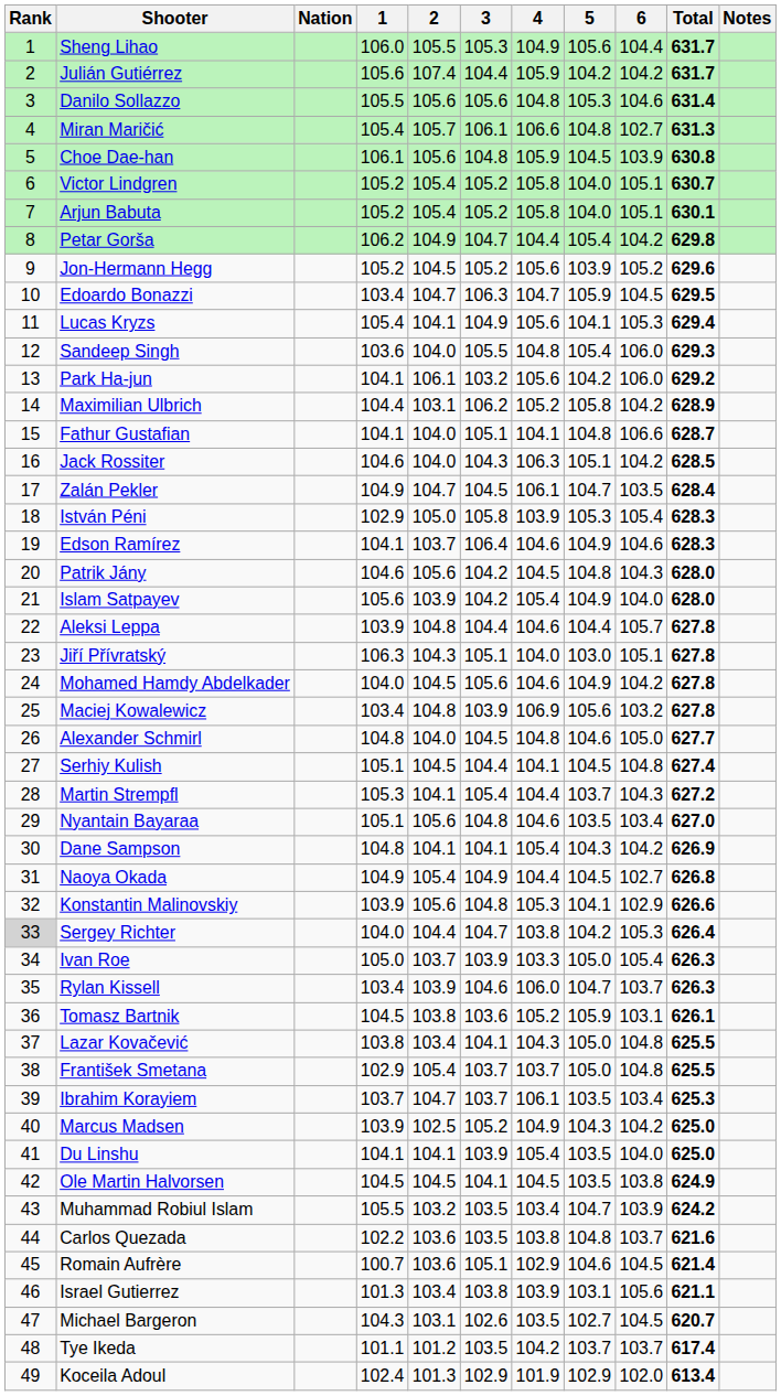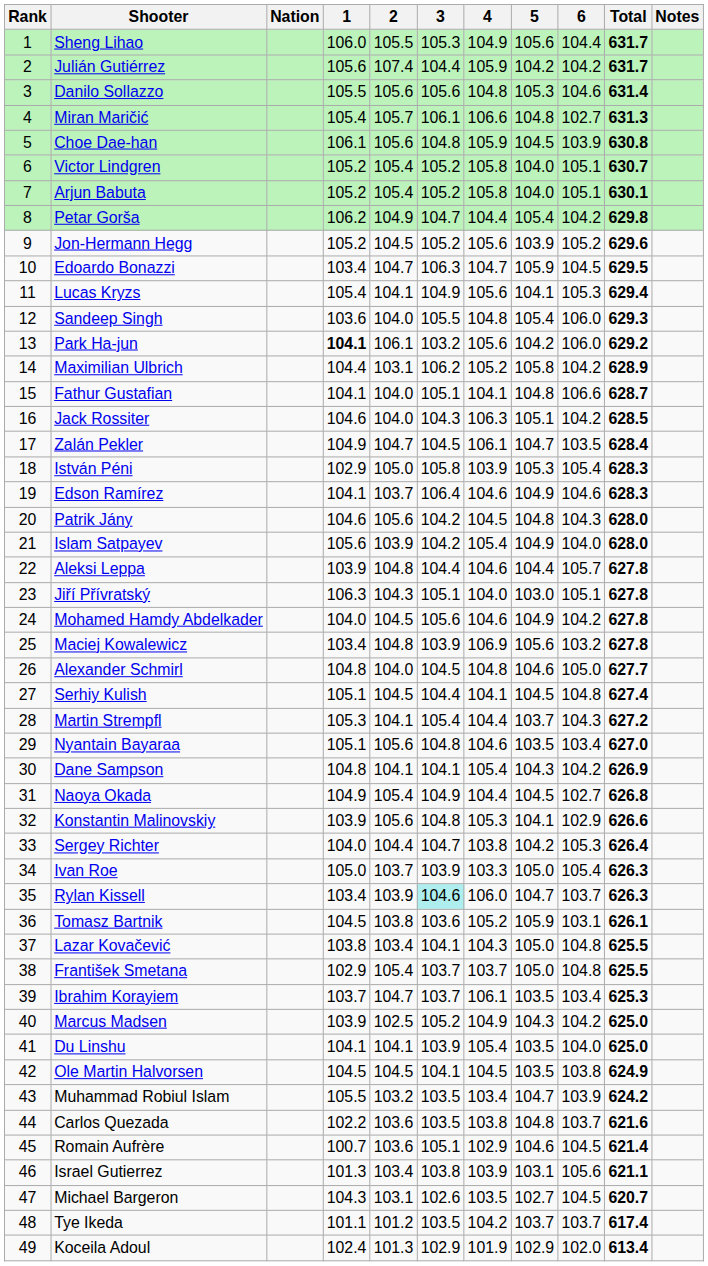 <table class="wikitable sortable" style="text-align:center">
 <tr>
 <th>Rank</th>
 <th>Shooter</th>
 <th>Nation</th>
 <th class="sortable">1</th>
 <th class="sortable">2</th>
 <th class="sortable">3</th>
 <th class="sortable">4</th>
 <th class="sortable">5</th>
 <th class="sortable">6</th>
 <th>Total</th>
 <th class="unsortable">Notes</th>
 </tr>
 <tr bgcolor=#bbf3bb>
 <td>1</td>
 <td align=left><a href='#'>Sheng Lihao</a></td>
 <td align=left></td>
 <td>106.0</td>
 <td>105.5</td>
 <td>105.3</td>
 <td>104.9</td>
 <td>105.6</td>
 <td>104.4</td>
 <td><strong>631.7</strong></td>
 <td></td>
 </tr>
 <tr bgcolor=#bbf3bb>
 <td>2</td>
 <td align=left><a href='#'>Julián Gutiérrez</a></td>
 <td align=left></td>
 <td>105.6</td>
 <td>107.4</td>
 <td>104.4</td>
 <td>105.9</td>
 <td>104.2</td>
 <td>104.2</td>
 <td><strong>631.7</strong></td>
 <td></td>
 </tr>
 <tr bgcolor=#bbf3bb>
 <td>3</td>
 <td align=left><a href='#'>Danilo Sollazzo</a></td>
 <td align=left></td>
 <td>105.5</td>
 <td>105.6</td>
 <td>105.6</td>
 <td>104.8</td>
 <td>105.3</td>
 <td>104.6</td>
 <td><strong>631.4</strong></td>
 <td></td>
 </tr>
 <tr bgcolor=#bbf3bb>
 <td>4</td>
 <td align=left><a href='#'>Miran Maričić</a></td>
 <td align=left></td>
 <td>105.4</td>
 <td>105.7</td>
 <td>106.1</td>
 <td>106.6</td>
 <td>104.8</td>
 <td>102.7</td>
 <td><strong>631.3</strong></td>
 <td></td>
 </tr>
 <tr bgcolor=#bbf3bb>
 <td>5</td>
 <td align=left><a href='#'>Choe Dae-han</a></td>
 <td align=left></td>
 <td>106.1</td>
 <td>105.6</td>
 <td>104.8</td>
 <td>105.9</td>
 <td>104.5</td>
 <td>103.9</td>
 <td><strong>630.8</strong></td>
 <td></td>
 </tr>
 <tr bgcolor=#bbf3bb>
 <td>6</td>
 <td align=left><a href='#'>Victor Lindgren</a></td>
 <td align=left></td>
 <td>105.2</td>
 <td>105.4</td>
 <td>105.2</td>
 <td>105.8</td>
 <td>104.0</td>
 <td>105.1</td>
 <td><strong>630.7</strong></td>
 <td></td>
 </tr>
 <tr bgcolor=#bbf3bb>
 <td>7</td>
 <td align=left><a href='#'>Arjun Babuta</a></td>
 <td align=left></td>
 <td>105.2</td>
 <td>105.4</td>
 <td>105.2</td>
 <td>105.8</td>
 <td>104.0</td>
 <td>105.1</td>
 <td><strong>630.1</strong></td>
 <td></td>
 </tr>
 <tr bgcolor=#bbf3bb>
 <td>8</td>
 <td align=left><a href='#'>Petar Gorša</a></td>
 <td align=left></td>
 <td>106.2</td>
 <td>104.9</td>
 <td>104.7</td>
 <td>104.4</td>
 <td>105.4</td>
 <td>104.2</td>
 <td><strong>629.8</strong></td>
 <td></td>
 </tr>
 <tr>
 <td>9</td>
 <td align=left><a href='#'>Jon-Hermann Hegg</a></td>
 <td align=left></td>
 <td>105.2</td>
 <td>104.5</td>
 <td>105.2</td>
 <td>105.6</td>
 <td>103.9</td>
 <td>105.2</td>
 <td><strong>629.6</strong></td>
 <td></td>
 </tr>
 <tr>
 <td>10</td>
 <td align=left><a href='#'>Edoardo Bonazzi</a></td>
 <td align=left></td>
 <td>103.4</td>
 <td>104.7</td>
 <td>106.3</td>
 <td>104.7</td>
 <td>105.9</td>
 <td>104.5</td>
 <td><strong>629.5</strong></td>
 <td></td>
 </tr>
 <tr>
 <td>11</td>
 <td align=left><a href='#'>Lucas Kryzs</a></td>
 <td align=left></td>
 <td>105.4</td>
 <td>104.1</td>
 <td>104.9</td>
 <td>105.6</td>
 <td>104.1</td>
 <td>105.3</td>
 <td><strong>629.4</strong></td>
 <td></td>
 </tr>
 <tr>
 <td>12</td>
 <td align=left><a href='#'>Sandeep Singh</a></td>
 <td align=left></td>
 <td>103.6</td>
 <td>104.0</td>
 <td>105.5</td>
 <td>104.8</td>
 <td>105.4</td>
 <td>106.0</td>
 <td><strong>629.3</strong></td>
 <td></td>
 </tr>
 <tr>
 <td>13</td>
 <td align=left><a href='#'>Park Ha-jun</a></td>
 <td align=left></td>
-<td>104.1</td>
+<td><strong>104.1</strong></td>
 <td>106.1</td>
 <td>103.2</td>
 <td>105.6</td>
 <td>104.2</td>
 <td>106.0</td>
 <td><strong>629.2</strong></td>
 <td></td>
 </tr>
 <tr>
 <td>14</td>
 <td align=left><a href='#'>Maximilian Ulbrich</a></td>
 <td align=left></td>
 <td>104.4</td>
 <td>103.1</td>
 <td>106.2</td>
 <td>105.2</td>
 <td>105.8</td>
 <td>104.2</td>
 <td><strong>628.9</strong></td>
 <td></td>
 </tr>
 <tr>
 <td>15</td>
 <td align=left><a href='#'>Fathur Gustafian</a></td>
 <td align=left></td>
 <td>104.1</td>
 <td>104.0</td>
 <td>105.1</td>
 <td>104.1</td>
 <td>104.8</td>
 <td>106.6</td>
 <td><strong>628.7</strong></td>
 <td></td>
 </tr>
 <tr>
 <td>16</td>
 <td align=left><a href='#'>Jack Rossiter</a></td>
 <td align=left></td>
 <td>104.6</td>
 <td>104.0</td>
 <td>104.3</td>
 <td>106.3</td>
 <td>105.1</td>
 <td>104.2</td>
 <td><strong>628.5</strong></td>
 <td></td>
 </tr>
 <tr>
 <td>17</td>
 <td align=left><a href='#'>Zalán Pekler</a></td>
 <td align=left></td>
 <td>104.9</td>
 <td>104.7</td>
 <td>104.5</td>
 <td>106.1</td>
 <td>104.7</td>
 <td>103.5</td>
 <td><strong>628.4</strong></td>
 <td></td>
 </tr>
 <tr>
 <td>18</td>
 <td align=left><a href='#'>István Péni</a></td>
 <td align=left></td>
 <td>102.9</td>
 <td>105.0</td>
 <td>105.8</td>
 <td>103.9</td>
 <td>105.3</td>
 <td>105.4</td>
 <td><strong>628.3</strong></td>
 <td></td>
 </tr>
 <tr>
 <td>19</td>
 <td align=left><a href='#'>Edson Ramírez</a></td>
 <td align=left></td>
 <td>104.1</td>
 <td>103.7</td>
 <td>106.4</td>
 <td>104.6</td>
 <td>104.9</td>
 <td>104.6</td>
 <td><strong>628.3</strong></td>
 <td></td>
 </tr>
 <tr>
 <td>20</td>
 <td align=left><a href='#'>Patrik Jány</a></td>
 <td align=left></td>
 <td>104.6</td>
 <td>105.6</td>
 <td>104.2</td>
 <td>104.5</td>
 <td>104.8</td>
 <td>104.3</td>
 <td><strong>628.0</strong></td>
 <td></td>
 </tr>
 <tr>
 <td>21</td>
 <td align=left><a href='#'>Islam Satpayev</a></td>
 <td align=left></td>
 <td>105.6</td>
 <td>103.9</td>
 <td>104.2</td>
 <td>105.4</td>
 <td>104.9</td>
 <td>104.0</td>
 <td><strong>628.0</strong></td>
 <td></td>
 </tr>
 <tr>
 <td>22</td>
 <td align=left><a href='#'>Aleksi Leppa</a></td>
 <td align=left></td>
 <td>103.9</td>
 <td>104.8</td>
 <td>104.4</td>
 <td>104.6</td>
 <td>104.4</td>
 <td>105.7</td>
 <td><strong>627.8</strong></td>
 <td></td>
 </tr>
 <tr>
 <td>23</td>
 <td align=left><a href='#'>Jiří Přívratský</a></td>
 <td align=left></td>
 <td>106.3</td>
 <td>104.3</td>
 <td>105.1</td>
 <td>104.0</td>
 <td>103.0</td>
 <td>105.1</td>
 <td><strong>627.8</strong></td>
 <td></td>
 </tr>
 <tr>
 <td>24</td>
 <td align=left><a href='#'>Mohamed Hamdy Abdelkader</a></td>
 <td align=left></td>
 <td>104.0</td>
 <td>104.5</td>
 <td>105.6</td>
 <td>104.6</td>
 <td>104.9</td>
 <td>104.2</td>
 <td><strong>627.8</strong></td>
 <td></td>
 </tr>
 <tr>
 <td>25</td>
 <td align=left><a href='#'>Maciej Kowalewicz</a></td>
 <td align=left></td>
 <td>103.4</td>
 <td>104.8</td>
 <td>103.9</td>
 <td>106.9</td>
 <td>105.6</td>
 <td>103.2</td>
 <td><strong>627.8</strong></td>
 <td></td>
 </tr>
 <tr>
 <td>26</td>
 <td align=left><a href='#'>Alexander Schmirl</a></td>
 <td align=left></td>
 <td>104.8</td>
 <td>104.0</td>
 <td>104.5</td>
 <td>104.8</td>
 <td>104.6</td>
 <td>105.0</td>
 <td><strong>627.7</strong></td>
 <td></td>
 </tr>
 <tr>
 <td>27</td>
 <td align=left><a href='#'>Serhiy Kulish</a></td>
 <td align=left></td>
 <td>105.1</td>
 <td>104.5</td>
 <td>104.4</td>
 <td>104.1</td>
 <td>104.5</td>
 <td>104.8</td>
 <td><strong>627.4</strong></td>
 <td></td>
 </tr>
 <tr>
 <td>28</td>
 <td align=left><a href='#'>Martin Strempfl</a></td>
 <td align=left></td>
 <td>105.3</td>
 <td>104.1</td>
 <td>105.4</td>
 <td>104.4</td>
 <td>103.7</td>
 <td>104.3</td>
 <td><strong>627.2</strong></td>
 <td></td>
 </tr>
 <tr>
 <td>29</td>
 <td align=left><a href='#'>Nyantain Bayaraa</a></td>
 <td align=left></td>
 <td>105.1</td>
 <td>105.6</td>
 <td>104.8</td>
 <td>104.6</td>
 <td>103.5</td>
 <td>103.4</td>
 <td><strong>627.0</strong></td>
 <td></td>
 </tr>
 <tr>
 <td>30</td>
 <td align=left><a href='#'>Dane Sampson</a></td>
 <td align=left></td>
 <td>104.8</td>
 <td>104.1</td>
 <td>104.1</td>
 <td>105.4</td>
 <td>104.3</td>
 <td>104.2</td>
 <td><strong>626.9</strong></td>
 <td></td>
 </tr>
 <tr>
 <td>31</td>
 <td align=left><a href='#'>Naoya Okada</a></td>
 <td align=left></td>
 <td>104.9</td>
 <td>105.4</td>
 <td>104.9</td>
 <td>104.4</td>
 <td>104.5</td>
 <td>102.7</td>
 <td><strong>626.8</strong></td>
 <td></td>
 </tr>
 <tr>
 <td>32</td>
 <td align=left><a href='#'>Konstantin Malinovskiy</a></td>
 <td align=left></td>
 <td>103.9</td>
 <td>105.6</td>
 <td>104.8</td>
 <td>105.3</td>
 <td>104.1</td>
 <td>102.9</td>
 <td><strong>626.6</strong></td>
 <td></td>
 </tr>
 <tr>
-<td style="background: lightgrey;">33</td>
+<td>33</td>
 <td align=left><a href='#'>Sergey Richter</a></td>
 <td align=left></td>
 <td>104.0</td>
 <td>104.4</td>
 <td>104.7</td>
 <td>103.8</td>
 <td>104.2</td>
 <td>105.3</td>
 <td><strong>626.4</strong></td>
 <td></td>
 </tr>
 <tr>
 <td>34</td>
 <td align=left><a href='#'>Ivan Roe</a></td>
 <td align=left></td>
 <td>105.0</td>
 <td>103.7</td>
 <td>103.9</td>
 <td>103.3</td>
 <td>105.0</td>
 <td>105.4</td>
 <td><strong>626.3</strong></td>
 <td></td>
 </tr>
 <tr>
 <td>35</td>
 <td align=left><a href='#'>Rylan Kissell</a></td>
 <td align=left></td>
 <td>103.4</td>
 <td>103.9</td>
-<td>104.6</td>
+<td style="background: paleturquoise;">104.6</td>
 <td>106.0</td>
 <td>104.7</td>
 <td>103.7</td>
 <td><strong>626.3</strong></td>
 <td></td>
 </tr>
 <tr>
 <td>36</td>
 <td align=left><a href='#'>Tomasz Bartnik</a></td>
 <td align=left></td>
 <td>104.5</td>
 <td>103.8</td>
 <td>103.6</td>
 <td>105.2</td>
 <td>105.9</td>
 <td>103.1</td>
 <td><strong>626.1</strong></td>
 <td></td>
 </tr>
 <tr>
 <td>37</td>
 <td align=left><a href='#'>Lazar Kovačević</a></td>
 <td align=left></td>
 <td>103.8</td>
 <td>103.4</td>
 <td>104.1</td>
 <td>104.3</td>
 <td>105.0</td>
 <td>104.8</td>
 <td><strong>625.5</strong></td>
 <td></td>
 </tr>
 <tr>
 <td>38</td>
 <td align=left><a href='#'>František Smetana</a></td>
 <td align=left></td>
 <td>102.9</td>
 <td>105.4</td>
 <td>103.7</td>
 <td>103.7</td>
 <td>105.0</td>
 <td>104.8</td>
 <td><strong>625.5</strong></td>
 <td></td>
 </tr>
 <tr>
 <td>39</td>
 <td align=left><a href='#'>Ibrahim Korayiem</a></td>
 <td align=left></td>
 <td>103.7</td>
 <td>104.7</td>
 <td>103.7</td>
 <td>106.1</td>
 <td>103.5</td>
 <td>103.4</td>
 <td><strong>625.3</strong></td>
 <td></td>
 </tr>
 <tr>
 <td>40</td>
 <td align=left><a href='#'>Marcus Madsen</a></td>
 <td align=left></td>
 <td>103.9</td>
 <td>102.5</td>
 <td>105.2</td>
 <td>104.9</td>
 <td>104.3</td>
 <td>104.2</td>
 <td><strong>625.0</strong></td>
 <td></td>
 </tr>
 <tr>
 <td>41</td>
 <td align=left><a href='#'>Du Linshu</a></td>
 <td align=left></td>
 <td>104.1</td>
 <td>104.1</td>
 <td>103.9</td>
 <td>105.4</td>
 <td>103.5</td>
 <td>104.0</td>
 <td><strong>625.0</strong></td>
 <td></td>
 </tr>
 <tr>
 <td>42</td>
 <td align=left><a href='#'>Ole Martin Halvorsen</a></td>
 <td align=left></td>
 <td>104.5</td>
 <td>104.5</td>
 <td>104.1</td>
 <td>104.5</td>
 <td>103.5</td>
 <td>103.8</td>
 <td><strong>624.9</strong></td>
 <td></td>
 </tr>
 <tr>
 <td>43</td>
 <td align=left>Muhammad Robiul Islam</td>
 <td align=left></td>
 <td>105.5</td>
 <td>103.2</td>
 <td>103.5</td>
 <td>103.4</td>
 <td>104.7</td>
 <td>103.9</td>
 <td><strong>624.2</strong></td>
 <td></td>
 </tr>
 <tr>
 <td>44</td>
 <td align=left>Carlos Quezada</td>
 <td align=left></td>
 <td>102.2</td>
 <td>103.6</td>
 <td>103.5</td>
 <td>103.8</td>
 <td>104.8</td>
 <td>103.7</td>
 <td><strong>621.6</strong></td>
 <td></td>
 </tr>
 <tr>
 <td>45</td>
 <td align=left>Romain Aufrère</td>
 <td align=left></td>
 <td>100.7</td>
 <td>103.6</td>
 <td>105.1</td>
 <td>102.9</td>
 <td>104.6</td>
 <td>104.5</td>
 <td><strong>621.4</strong></td>
 <td></td>
 </tr>
 <tr>
 <td>46</td>
 <td align=left>Israel Gutierrez</td>
 <td align=left></td>
 <td>101.3</td>
 <td>103.4</td>
 <td>103.8</td>
 <td>103.9</td>
 <td>103.1</td>
 <td>105.6</td>
 <td><strong>621.1</strong></td>
 <td></td>
 </tr>
 <tr>
 <td>47</td>
 <td align=left>Michael Bargeron</td>
 <td align=left></td>
 <td>104.3</td>
 <td>103.1</td>
 <td>102.6</td>
 <td>103.5</td>
 <td>102.7</td>
 <td>104.5</td>
 <td><strong>620.7</strong></td>
 <td></td>
 </tr>
 <tr>
 <td>48</td>
 <td align=left>Tye Ikeda</td>
 <td align=left></td>
 <td>101.1</td>
 <td>101.2</td>
 <td>103.5</td>
 <td>104.2</td>
 <td>103.7</td>
 <td>103.7</td>
 <td><strong>617.4</strong></td>
 <td></td>
 </tr>
 <tr>
 <td>49</td>
 <td align=left>Koceila Adoul</td>
 <td align=left></td>
 <td>102.4</td>
 <td>101.3</td>
 <td>102.9</td>
 <td>101.9</td>
 <td>102.9</td>
 <td>102.0</td>
 <td><strong>613.4</strong></td>
 <td></td>
 </tr>
 </table>
